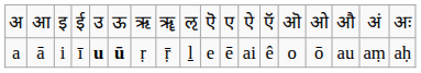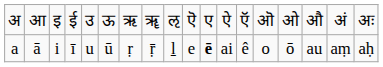 <table class="wikitable" style="margin: 0 auto; text-align: center;">
 <tr>
 <td>अ</td>
 <td>आ</td>
 <td>इ</td>
 <td>ई</td>
 <td>उ</td>
 <td>ऊ</td>
 <td>ऋ</td>
 <td>ॠ</td>
 <td>ऌ</td>
 <td>ऎ</td>
 <td>ए</td>
 <td>ऐ</td>
 <td>ऍ</td>
 <td>ऒ</td>
 <td>ओ</td>
 <td>औ</td>
 <td>अं</td>
 <td>अः</td>
 </tr>
 <tr>
 <td>a</td>
 <td>ā</td>
 <td>i</td>
 <td>ī</td>
-<td><strong>u</strong></td>
-<td><strong>ū</strong></td>
+<td>u</td>
+<td>ū</td>
 <td>ṛ</td>
 <td>ṝ</td>
 <td>ḻ</td>
 <td>e</td>
-<td>ē</td>
+<td><strong>ē</strong></td>
 <td>ai</td>
 <td>ê</td>
 <td>o</td>
 <td>ō</td>
 <td>au</td>
 <td>aṃ</td>
 <td>aḥ</td>
 </tr>
 </table>
